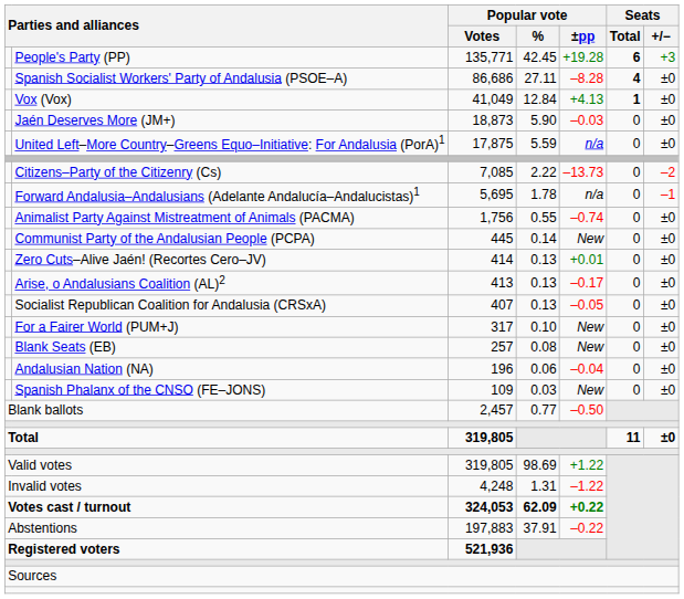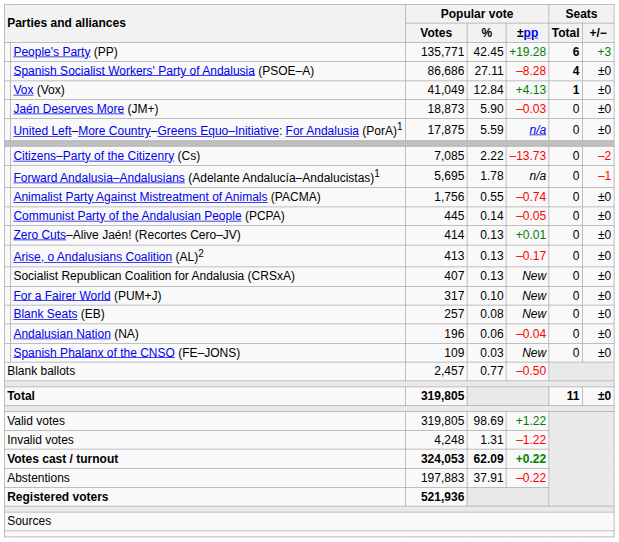 <table class="wikitable" style="text-align:right;">
 <tr>
 <th style="text-align:left;" rowspan="2" colspan="2" width="525">Parties and alliances</th>
 <th colspan="3">Popular vote</th>
 <th colspan="2">Seats</th>
 </tr>
 <tr>
 <th width="75">Votes</th>
 <th width="45">%</th>
 <th width="45">±<a href='#'>pp</a></th>
 <th width="35">Total</th>
 <th width="35">+/−</th>
 </tr>
 <tr>
 <td width="1" style="color:inherit;background:"></td>
 <td align="left"><a href='#'>People's Party</a> (PP)</td>
 <td>135,771</td>
 <td>42.45</td>
 <td style="color:green;">+19.28</td>
 <td><strong>6</strong></td>
 <td style="color:green;">+3</td>
 </tr>
 <tr>
 <td style="color:inherit;background:"></td>
 <td align="left"><a href='#'>Spanish Socialist Workers' Party of Andalusia</a> (PSOE–A)</td>
 <td>86,686</td>
 <td>27.11</td>
 <td style="color:red;">–8.28</td>
 <td><strong>4</strong></td>
 <td>±0</td>
 </tr>
 <tr>
 <td style="color:inherit;background:"></td>
 <td align="left"><a href='#'>Vox</a> (Vox)</td>
 <td>41,049</td>
 <td>12.84</td>
 <td style="color:green;">+4.13</td>
 <td><strong>1</strong></td>
 <td>±0</td>
 </tr>
 <tr>
 <td style="color:inherit;background:"></td>
 <td align="left"><a href='#'>Jaén Deserves More</a> (JM+)</td>
 <td>18,873</td>
 <td>5.90</td>
 <td style="color:red;">–0.03</td>
 <td>0</td>
 <td>±0</td>
 </tr>
 <tr>
 <td style="color:inherit;background:"></td>
 <td align="left"><a href='#'>United Left</a>–<a href='#'>More Country</a>–<a href='#'>Greens Equo–Initiative</a>: <a href='#'>For Andalusia</a> (PorA)<sup>1</sup></td>
 <td>17,875</td>
 <td>5.59</td>
 <td><em><a href='#'>n/a</a></em></td>
 <td>0</td>
 <td>±0</td>
 </tr>
 <tr>
 <td colspan="7" bgcolor="#C0C0C0"></td>
 </tr>
 <tr>
 <td style="color:inherit;background:"></td>
 <td align="left"><a href='#'>Citizens–Party of the Citizenry</a> (Cs)</td>
 <td>7,085</td>
 <td>2.22</td>
 <td style="color:red;">–13.73</td>
 <td>0</td>
 <td style="color:red;">–2</td>
 </tr>
 <tr>
 <td style="color:inherit;background:"></td>
 <td align="left"><a href='#'>Forward Andalusia–Andalusians</a> (Adelante Andalucía–Andalucistas)<sup>1</sup></td>
 <td>5,695</td>
 <td>1.78</td>
 <td><em>n/a</em></td>
 <td>0</td>
 <td style="color:red;">–1</td>
 </tr>
 <tr>
 <td style="color:inherit;background:"></td>
 <td align="left"><a href='#'>Animalist Party Against Mistreatment of Animals</a> (PACMA)</td>
 <td>1,756</td>
 <td>0.55</td>
 <td style="color:red;">–0.74</td>
 <td>0</td>
 <td>±0</td>
 </tr>
 <tr>
 <td style="color:inherit;background:"></td>
 <td align="left"><a href='#'>Communist Party of the Andalusian People</a> (PCPA)</td>
 <td>445</td>
 <td>0.14</td>
-<td><em>New</em></td>
+<td style="color:red;">–0.05</td>
 <td>0</td>
 <td>±0</td>
 </tr>
 <tr>
 <td style="color:inherit;background:"></td>
 <td align="left"><a href='#'>Zero Cuts</a>–Alive Jaén! (Recortes Cero–JV)</td>
 <td>414</td>
 <td>0.13</td>
 <td style="color:green;">+0.01</td>
 <td>0</td>
 <td>±0</td>
 </tr>
 <tr>
 <td style="color:inherit;background:"></td>
 <td align="left"><a href='#'>Arise, o Andalusians Coalition</a> (AL)<sup>2</sup></td>
 <td>413</td>
 <td>0.13</td>
 <td style="color:red;">–0.17</td>
 <td>0</td>
 <td>±0</td>
 </tr>
 <tr>
 <td style="color:inherit;background:"></td>
 <td align="left">Socialist Republican Coalition for Andalusia (CRSxA)</td>
 <td>407</td>
 <td>0.13</td>
-<td style="color:red;">–0.05</td>
+<td><em>New</em></td>
 <td>0</td>
 <td>±0</td>
 </tr>
 <tr>
 <td style="color:inherit;background:"></td>
 <td align="left"><a href='#'>For a Fairer World</a> (PUM+J)</td>
 <td>317</td>
 <td>0.10</td>
 <td><em>New</em></td>
 <td>0</td>
 <td>±0</td>
 </tr>
 <tr>
 <td style="color:inherit;background:"></td>
 <td align="left"><a href='#'>Blank Seats</a> (EB)</td>
 <td>257</td>
 <td>0.08</td>
 <td><em>New</em></td>
 <td>0</td>
 <td>±0</td>
 </tr>
 <tr>
 <td style="color:inherit;background:"></td>
 <td align="left"><a href='#'>Andalusian Nation</a> (NA)</td>
 <td>196</td>
 <td>0.06</td>
 <td style="color:red;">–0.04</td>
 <td>0</td>
 <td>±0</td>
 </tr>
 <tr>
 <td style="color:inherit;background:"></td>
 <td align="left"><a href='#'>Spanish Phalanx of the CNSO</a> (FE–JONS)</td>
 <td>109</td>
 <td>0.03</td>
 <td><em>New</em></td>
 <td>0</td>
 <td>±0</td>
 </tr>
 <tr>
 <td align="left" colspan="2">Blank ballots</td>
 <td>2,457</td>
 <td>0.77</td>
 <td style="color:red;">–0.50</td>
 <td bgcolor="#E9E9E9" colspan="2"></td>
 </tr>
 <tr>
 <td colspan="7" bgcolor="#E9E9E9"></td>
 </tr>
 <tr style="font-weight:bold;">
 <td align="left" colspan="2">Total</td>
 <td>319,805</td>
 <td bgcolor="#E9E9E9" colspan="2"></td>
 <td>11</td>
 <td>±0</td>
 </tr>
 <tr>
 <td colspan="7" bgcolor="#E9E9E9"></td>
 </tr>
 <tr>
 <td align="left" colspan="2">Valid votes</td>
 <td>319,805</td>
 <td>98.69</td>
 <td style="color:green;">+1.22</td>
 <td bgcolor="#E9E9E9" colspan="2" rowspan="5"></td>
 </tr>
 <tr>
 <td align="left" colspan="2">Invalid votes</td>
 <td>4,248</td>
 <td>1.31</td>
 <td style="color:red;">–1.22</td>
 </tr>
 <tr style="font-weight:bold;">
 <td align="left" colspan="2">Votes cast / turnout</td>
 <td>324,053</td>
 <td>62.09</td>
 <td style="color:green;">+0.22</td>
 </tr>
 <tr>
 <td align="left" colspan="2">Abstentions</td>
 <td>197,883</td>
 <td>37.91</td>
 <td style="color:red;">–0.22</td>
 </tr>
 <tr style="font-weight:bold;">
 <td align="left" colspan="2">Registered voters</td>
 <td>521,936</td>
 <td bgcolor="#E9E9E9" colspan="2"></td>
 </tr>
 <tr>
 <td colspan="7" bgcolor="#E9E9E9"></td>
 </tr>
 <tr>
 <td align="left" colspan="7">Sources</td>
 </tr>
 <tr>
 <td colspan="7" style="text-align:left; max-width:790px;"></td>
 </tr>
 </table>
